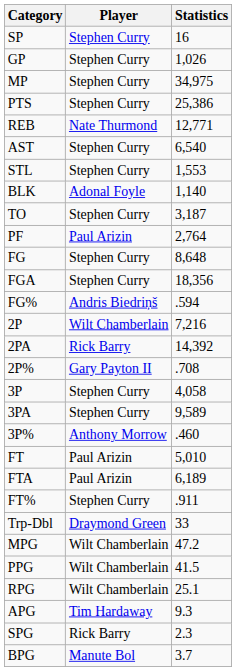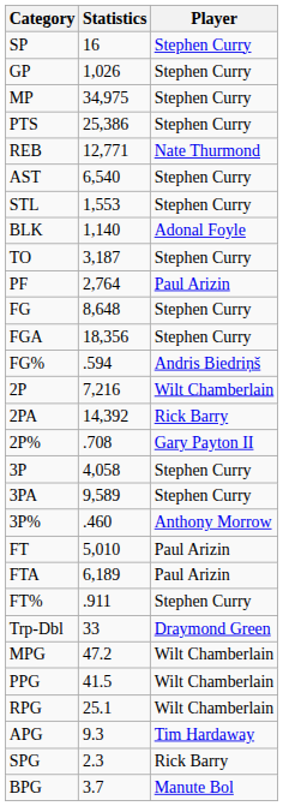 <table class="wikitable">
 <tr>
 <th>Category</th>
+<th>Statistics</th>
 <th>Player</th>
-<th>Statistics</th>
 </tr>
 <tr>
 <td>SP</td>
+<td>16</td>
 <td><a href='#'>Stephen Curry</a></td>
-<td>16</td>
 </tr>
 <tr>
 <td>GP</td>
+<td>1,026</td>
 <td>Stephen Curry</td>
-<td>1,026</td>
 </tr>
 <tr>
 <td>MP</td>
+<td>34,975</td>
 <td>Stephen Curry</td>
-<td>34,975</td>
 </tr>
 <tr>
 <td>PTS</td>
+<td>25,386</td>
 <td>Stephen Curry</td>
-<td>25,386</td>
 </tr>
 <tr>
 <td>REB</td>
+<td>12,771</td>
 <td><a href='#'>Nate Thurmond</a></td>
-<td>12,771</td>
 </tr>
 <tr>
 <td>AST</td>
+<td>6,540</td>
 <td>Stephen Curry</td>
-<td>6,540</td>
 </tr>
 <tr>
 <td>STL</td>
+<td>1,553</td>
 <td>Stephen Curry</td>
-<td>1,553</td>
 </tr>
 <tr>
 <td>BLK</td>
+<td>1,140</td>
 <td><a href='#'>Adonal Foyle</a></td>
-<td>1,140</td>
 </tr>
 <tr>
 <td>TO</td>
+<td>3,187</td>
 <td>Stephen Curry</td>
-<td>3,187</td>
 </tr>
 <tr>
 <td>PF</td>
+<td>2,764</td>
 <td><a href='#'>Paul Arizin</a></td>
-<td>2,764</td>
 </tr>
 <tr>
 <td>FG</td>
+<td>8,648</td>
 <td>Stephen Curry</td>
-<td>8,648</td>
 </tr>
 <tr>
 <td>FGA</td>
+<td>18,356</td>
 <td>Stephen Curry</td>
-<td>18,356</td>
 </tr>
 <tr>
 <td>FG%</td>
+<td>.594</td>
 <td><a href='#'>Andris Biedriņš</a></td>
-<td>.594</td>
 </tr>
 <tr>
 <td>2P</td>
+<td>7,216</td>
 <td><a href='#'>Wilt Chamberlain</a></td>
-<td>7,216</td>
 </tr>
 <tr>
 <td>2PA</td>
+<td>14,392</td>
 <td><a href='#'>Rick Barry</a></td>
-<td>14,392</td>
 </tr>
 <tr>
 <td>2P%</td>
+<td>.708</td>
 <td><a href='#'>Gary Payton II</a></td>
-<td>.708</td>
 </tr>
 <tr>
 <td>3P</td>
+<td>4,058</td>
 <td>Stephen Curry</td>
-<td>4,058</td>
 </tr>
 <tr>
 <td>3PA</td>
+<td>9,589</td>
 <td>Stephen Curry</td>
-<td>9,589</td>
 </tr>
 <tr>
 <td>3P%</td>
+<td>.460</td>
 <td><a href='#'>Anthony Morrow</a></td>
-<td>.460</td>
 </tr>
 <tr>
 <td>FT</td>
+<td>5,010</td>
 <td>Paul Arizin</td>
-<td>5,010</td>
 </tr>
 <tr>
 <td>FTA</td>
+<td>6,189</td>
 <td>Paul Arizin</td>
-<td>6,189</td>
 </tr>
 <tr>
 <td>FT%</td>
+<td>.911</td>
 <td>Stephen Curry</td>
-<td>.911</td>
 </tr>
 <tr>
 <td>Trp-Dbl</td>
+<td>33</td>
 <td><a href='#'>Draymond Green</a></td>
-<td>33</td>
 </tr>
 <tr>
 <td>MPG</td>
+<td>47.2</td>
 <td>Wilt Chamberlain</td>
-<td>47.2</td>
 </tr>
 <tr>
 <td>PPG</td>
+<td>41.5</td>
 <td>Wilt Chamberlain</td>
-<td>41.5</td>
 </tr>
 <tr>
 <td>RPG</td>
+<td>25.1</td>
 <td>Wilt Chamberlain</td>
-<td>25.1</td>
 </tr>
 <tr>
 <td>APG</td>
+<td>9.3</td>
 <td><a href='#'>Tim Hardaway</a></td>
-<td>9.3</td>
 </tr>
 <tr>
 <td>SPG</td>
+<td>2.3</td>
 <td>Rick Barry</td>
-<td>2.3</td>
 </tr>
 <tr>
 <td>BPG</td>
+<td>3.7</td>
 <td><a href='#'>Manute Bol</a></td>
-<td>3.7</td>
 </tr>
 </table>
